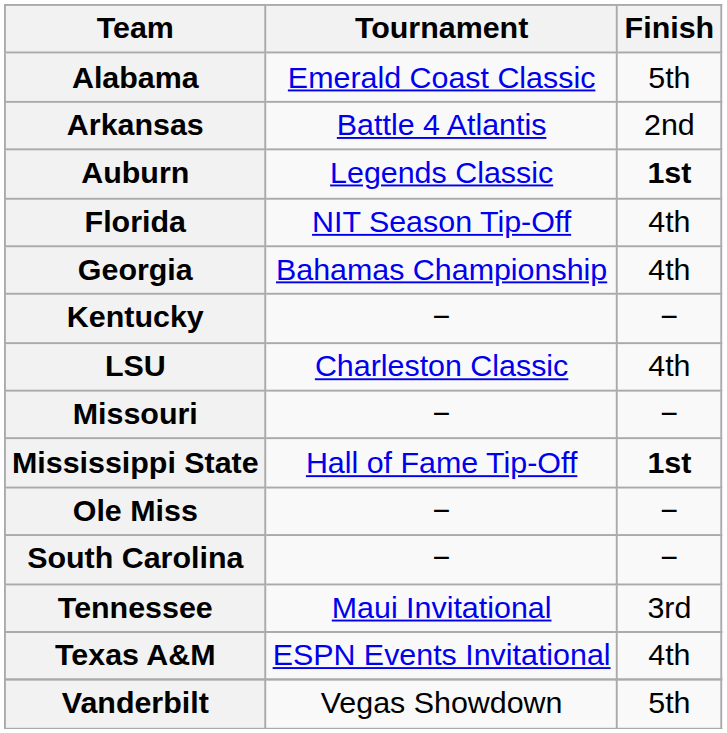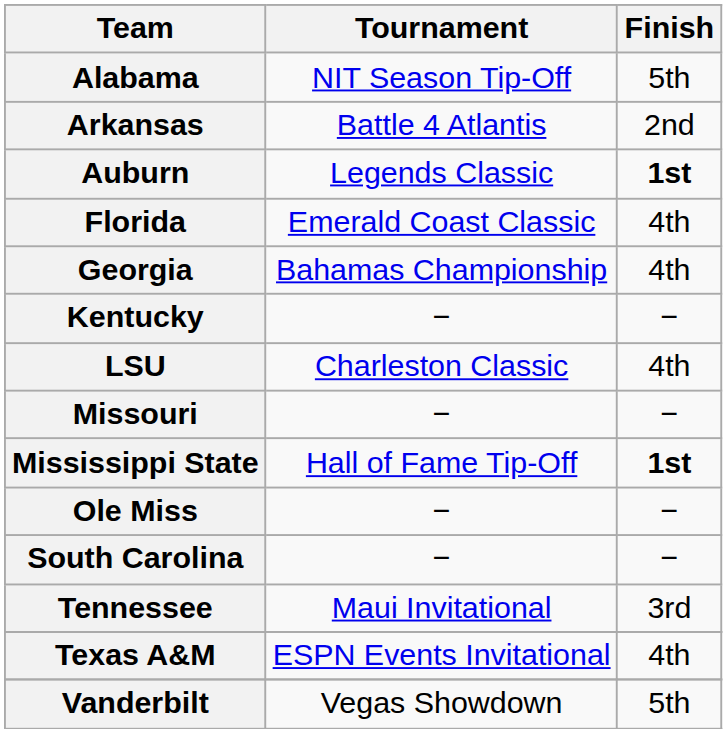 <table class="wikitable">
 <tr>
 <th>Team</th>
 <th>Tournament</th>
 <th>Finish</th>
 </tr>
 <tr style="text-align:center;">
 <th>Alabama</th>
-<td style="text-align:center;"><a href='#'>Emerald Coast Classic</a></td>
+<td style="text-align:center;"><a href='#'>NIT Season Tip-Off</a></td>
 <td>5th</td>
 </tr>
 <tr style="text-align:center;">
 <th>Arkansas</th>
 <td style="text-align:center;"><a href='#'>Battle 4 Atlantis</a></td>
 <td>2nd</td>
 </tr>
 <tr style="text-align:center;">
 <th>Auburn</th>
 <td style="text-align:center;"><a href='#'>Legends Classic</a></td>
 <td><strong>1st</strong></td>
 </tr>
 <tr style="text-align:center;">
 <th>Florida</th>
-<td style="text-align:center;"><a href='#'>NIT Season Tip-Off</a></td>
+<td style="text-align:center;"><a href='#'>Emerald Coast Classic</a></td>
 <td>4th</td>
 </tr>
 <tr style="text-align:center;">
 <th>Georgia</th>
 <td style="text-align:center;"><a href='#'>Bahamas Championship</a></td>
 <td>4th</td>
 </tr>
 <tr style="text-align:center;">
 <th>Kentucky</th>
 <td style="text-align:center;">−</td>
 <td>−</td>
 </tr>
 <tr style="text-align:center;">
 <th>LSU</th>
 <td style="text-align:center;"><a href='#'>Charleston Classic</a></td>
 <td>4th</td>
 </tr>
 <tr style="text-align:center;">
 <th>Missouri</th>
 <td style="text-align:center;">−</td>
 <td>−</td>
 </tr>
 <tr style="text-align:center;">
 <th>Mississippi State</th>
 <td style="text-align:center;"><a href='#'>Hall of Fame Tip-Off</a></td>
 <td><strong>1st</strong></td>
 </tr>
 <tr style="text-align:center;">
 <th>Ole Miss</th>
 <td style="text-align:center;">−</td>
 <td>−</td>
 </tr>
 <tr style="text-align:center;">
 <th>South Carolina</th>
 <td style="text-align:center;">−</td>
 <td>−</td>
 </tr>
 <tr style="text-align:center;">
 <th>Tennessee</th>
 <td style="text-align:center;"><a href='#'>Maui Invitational</a></td>
 <td>3rd</td>
 </tr>
 <tr>
 </tr>
 <tr style="text-align:center;">
 <th>Texas A&M</th>
 <td style="text-align:center;"><a href='#'>ESPN Events Invitational</a></td>
 <td>4th</td>
 </tr>
 <tr>
 </tr>
 <tr style="text-align:center;">
 <th>Vanderbilt</th>
 <td style="text-align:center;">Vegas Showdown</td>
 <td>5th</td>
 </tr>
 <tr>
 </tr>
 </table>
